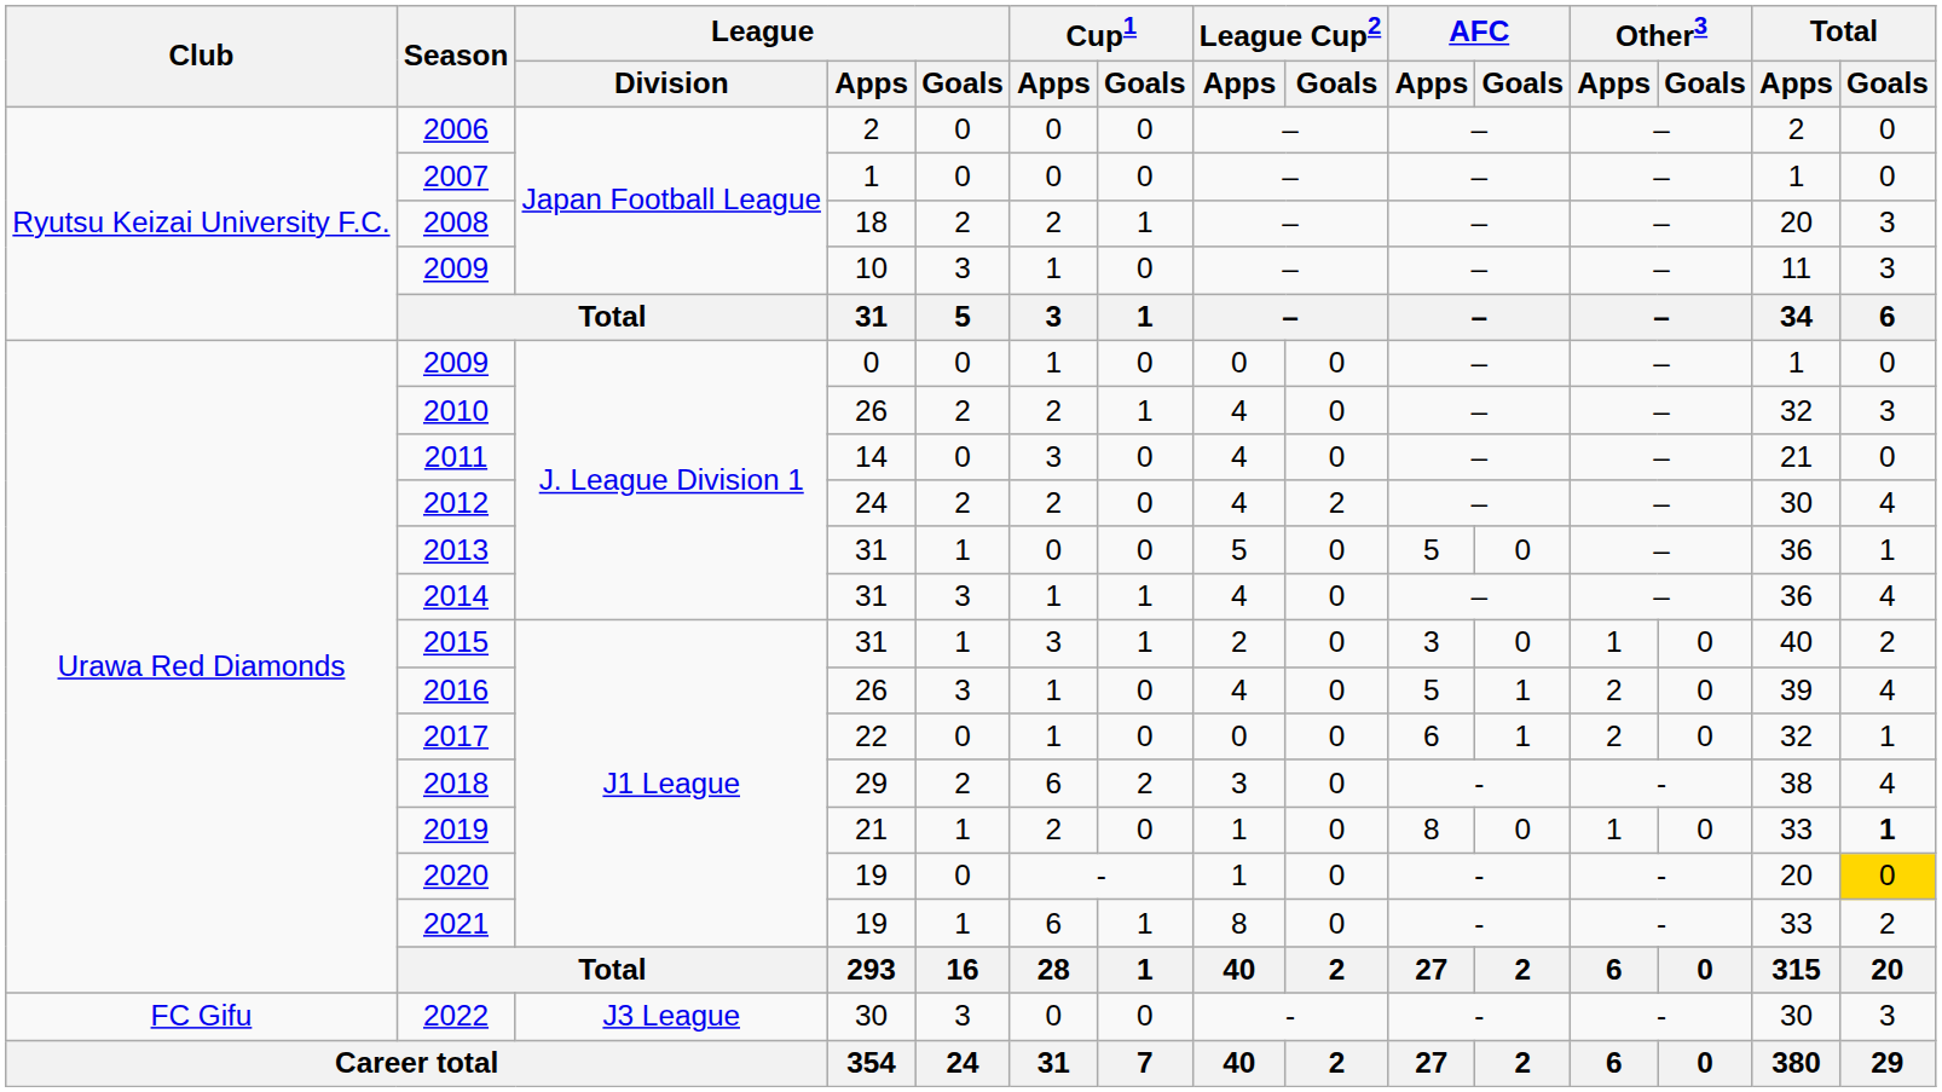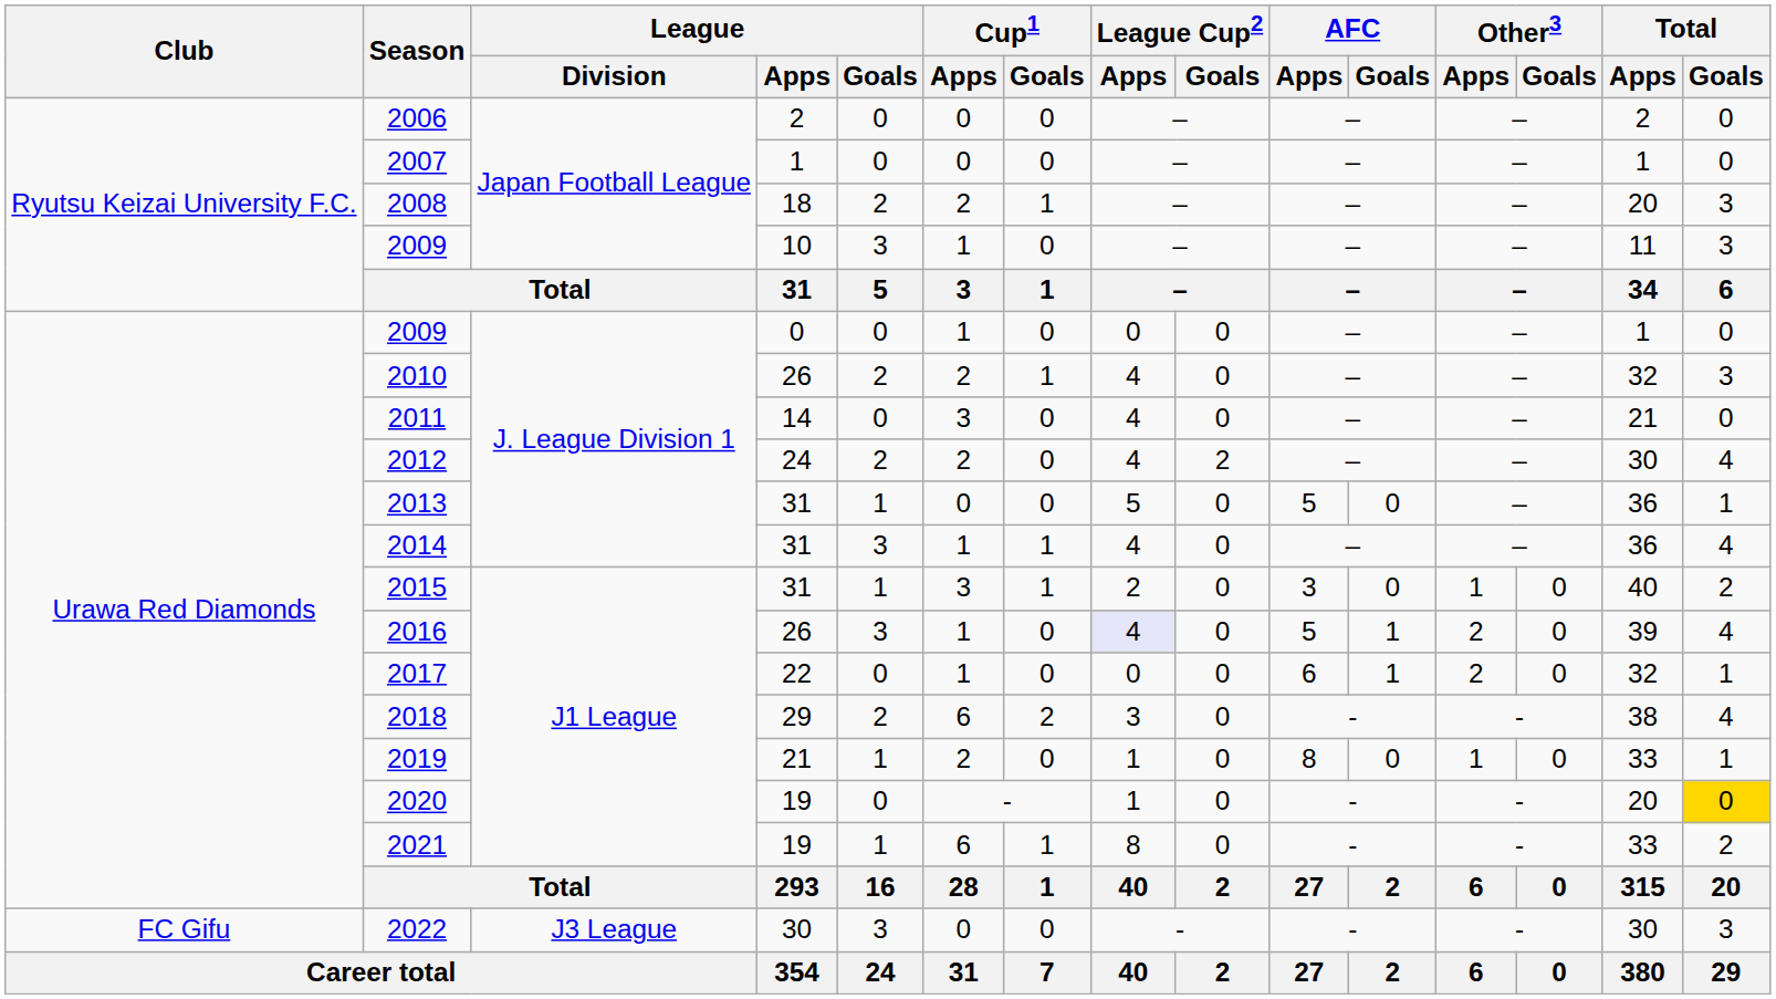 <table class="wikitable" style="text-align:center;">
 <tr>
 <th rowspan="2">Club</th>
 <th rowspan="2">Season</th>
 <th colspan="3">League</th>
 <th colspan="2">Cup<sup><a href='#'>1</a></sup></th>
 <th colspan="2">League Cup<sup><a href='#'>2</a></sup></th>
 <th colspan="2"><a href='#'>AFC</a></th>
 <th colspan="2">Other<sup><a href='#'>3</a></sup></th>
 <th colspan="2">Total</th>
 </tr>
 <tr>
 <th>Division</th>
 <th>Apps</th>
 <th>Goals</th>
 <th>Apps</th>
 <th>Goals</th>
 <th>Apps</th>
 <th>Goals</th>
 <th>Apps</th>
 <th>Goals</th>
 <th>Apps</th>
 <th>Goals</th>
 <th>Apps</th>
 <th>Goals</th>
 </tr>
 <tr>
 <td rowspan="5"><a href='#'>Ryutsu Keizai University F.C.</a></td>
 <td><a href='#'>2006</a></td>
 <td rowspan="4"><a href='#'>Japan Football League</a></td>
 <td>2</td>
 <td>0</td>
 <td>0</td>
 <td>0</td>
 <td colspan="2">–</td>
 <td colspan="2">–</td>
 <td colspan="2">–</td>
 <td>2</td>
 <td>0</td>
 </tr>
 <tr>
 <td><a href='#'>2007</a></td>
 <td>1</td>
 <td>0</td>
 <td>0</td>
 <td>0</td>
 <td colspan="2">–</td>
 <td colspan="2">–</td>
 <td colspan="2">–</td>
 <td>1</td>
 <td>0</td>
 </tr>
 <tr>
 <td><a href='#'>2008</a></td>
 <td>18</td>
 <td>2</td>
 <td>2</td>
 <td>1</td>
 <td colspan="2">–</td>
 <td colspan="2">–</td>
 <td colspan="2">–</td>
 <td>20</td>
 <td>3</td>
 </tr>
 <tr>
 <td><a href='#'>2009</a></td>
 <td>10</td>
 <td>3</td>
 <td>1</td>
 <td>0</td>
 <td colspan="2">–</td>
 <td colspan="2">–</td>
 <td colspan="2">–</td>
 <td>11</td>
 <td>3</td>
 </tr>
 <tr>
 <th colspan="2">Total</th>
 <th>31</th>
 <th>5</th>
 <th>3</th>
 <th>1</th>
 <th colspan="2">–</th>
 <th colspan="2">–</th>
 <th colspan="2">–</th>
 <th>34</th>
 <th>6</th>
 </tr>
 <tr>
 <td rowspan="14"><a href='#'>Urawa Red Diamonds</a></td>
 <td><a href='#'>2009</a></td>
 <td rowspan="6"><a href='#'>J. League Division 1</a></td>
 <td>0</td>
 <td>0</td>
 <td>1</td>
 <td>0</td>
 <td>0</td>
 <td>0</td>
 <td colspan="2">–</td>
 <td colspan="2">–</td>
 <td>1</td>
 <td>0</td>
 </tr>
 <tr>
 <td><a href='#'>2010</a></td>
 <td>26</td>
 <td>2</td>
 <td>2</td>
 <td>1</td>
 <td>4</td>
 <td>0</td>
 <td colspan="2">–</td>
 <td colspan="2">–</td>
 <td>32</td>
 <td>3</td>
 </tr>
 <tr>
 <td><a href='#'>2011</a></td>
 <td>14</td>
 <td>0</td>
 <td>3</td>
 <td>0</td>
 <td>4</td>
 <td>0</td>
 <td colspan="2">–</td>
 <td colspan="2">–</td>
 <td>21</td>
 <td>0</td>
 </tr>
 <tr>
 <td><a href='#'>2012</a></td>
 <td>24</td>
 <td>2</td>
 <td>2</td>
 <td>0</td>
 <td>4</td>
 <td>2</td>
 <td colspan="2">–</td>
 <td colspan="2">–</td>
 <td>30</td>
 <td>4</td>
 </tr>
 <tr>
 <td><a href='#'>2013</a></td>
 <td>31</td>
 <td>1</td>
 <td>0</td>
 <td>0</td>
 <td>5</td>
 <td>0</td>
 <td>5</td>
 <td>0</td>
 <td colspan="2">–</td>
 <td>36</td>
 <td>1</td>
 </tr>
 <tr>
 <td><a href='#'>2014</a></td>
 <td>31</td>
 <td>3</td>
 <td>1</td>
 <td>1</td>
 <td>4</td>
 <td>0</td>
 <td colspan="2">–</td>
 <td colspan="2">–</td>
 <td>36</td>
 <td>4</td>
 </tr>
 <tr>
 <td><a href='#'>2015</a></td>
 <td rowspan="7"><a href='#'>J1 League</a></td>
 <td>31</td>
 <td>1</td>
 <td>3</td>
 <td>1</td>
 <td>2</td>
 <td>0</td>
 <td>3</td>
 <td>0</td>
 <td>1</td>
 <td>0</td>
 <td>40</td>
 <td>2</td>
 </tr>
 <tr>
 <td><a href='#'>2016</a></td>
 <td>26</td>
 <td>3</td>
 <td>1</td>
 <td>0</td>
-<td>4</td>
+<td style="background: lavender;">4</td>
 <td>0</td>
 <td>5</td>
 <td>1</td>
 <td>2</td>
 <td>0</td>
 <td>39</td>
 <td>4</td>
 </tr>
 <tr>
 <td><a href='#'>2017</a></td>
 <td>22</td>
 <td>0</td>
 <td>1</td>
 <td>0</td>
 <td>0</td>
 <td>0</td>
 <td>6</td>
 <td>1</td>
 <td>2</td>
 <td>0</td>
 <td>32</td>
 <td>1</td>
 </tr>
 <tr>
 <td><a href='#'>2018</a></td>
 <td>29</td>
 <td>2</td>
 <td>6</td>
 <td>2</td>
 <td>3</td>
 <td>0</td>
 <td colspan="2">-</td>
 <td colspan="2">-</td>
 <td>38</td>
 <td>4</td>
 </tr>
 <tr>
 <td><a href='#'>2019</a></td>
 <td>21</td>
 <td>1</td>
 <td>2</td>
 <td>0</td>
 <td>1</td>
 <td>0</td>
 <td>8</td>
 <td>0</td>
 <td>1</td>
 <td>0</td>
 <td>33</td>
-<td><strong>1</strong></td>
+<td>1</td>
 </tr>
 <tr>
 <td><a href='#'>2020</a></td>
 <td>19</td>
 <td>0</td>
 <td colspan="2">-</td>
 <td>1</td>
 <td>0</td>
 <td colspan="2">-</td>
 <td colspan="2">-</td>
 <td>20</td>
 <td style="background: gold;">0</td>
 </tr>
 <tr>
 <td><a href='#'>2021</a></td>
 <td>19</td>
 <td>1</td>
 <td>6</td>
 <td>1</td>
 <td>8</td>
 <td>0</td>
 <td colspan="2">-</td>
 <td colspan="2">-</td>
 <td>33</td>
 <td>2</td>
 </tr>
 <tr>
 <th colspan="2">Total</th>
 <th>293</th>
 <th>16</th>
 <th>28</th>
 <th>1</th>
 <th>40</th>
 <th>2</th>
 <th>27</th>
 <th>2</th>
 <th>6</th>
 <th>0</th>
 <th>315</th>
 <th>20</th>
 </tr>
 <tr>
 <td><a href='#'>FC Gifu</a></td>
 <td><a href='#'>2022</a></td>
 <td><a href='#'>J3 League</a></td>
 <td>30</td>
 <td>3</td>
 <td>0</td>
 <td>0</td>
 <td colspan="2">-</td>
 <td colspan="2">-</td>
 <td colspan="2">-</td>
 <td>30</td>
 <td>3</td>
 </tr>
 <tr>
 <th colspan="3">Career total</th>
 <th>354</th>
 <th>24</th>
 <th>31</th>
 <th>7</th>
 <th>40</th>
 <th>2</th>
 <th>27</th>
 <th>2</th>
 <th>6</th>
 <th>0</th>
 <th>380</th>
 <th>29</th>
 </tr>
 </table>
